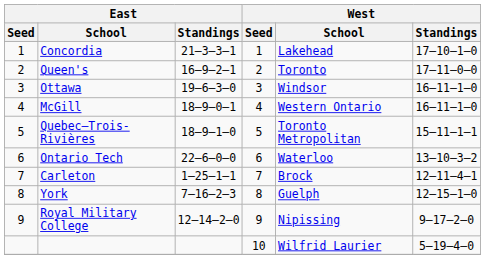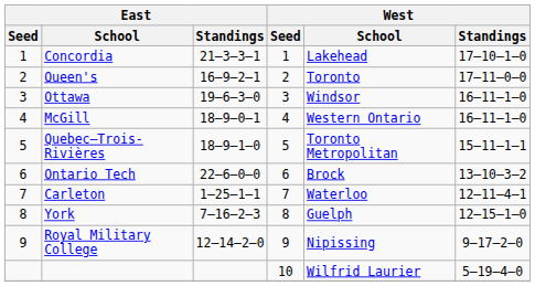 <table class="wikitable">
 <tr>
 <th colspan=3>East</th>
 <th colspan=3>West</th>
 </tr>
 <tr>
 <th>Seed</th>
 <th style="width:150px">School</th>
 <th>Standings</th>
 <th>Seed</th>
 <th style="width:150px">School</th>
 <th>Standings</th>
 </tr>
 <tr>
 <td align=center>1</td>
 <td><a href='#'>Concordia</a></td>
 <td align=center>21–3–3–1</td>
 <td align=center>1</td>
 <td><a href='#'>Lakehead</a></td>
 <td align=center>17–10–1–0</td>
 </tr>
 <tr>
 <td align=center>2</td>
 <td><a href='#'>Queen's</a></td>
 <td align=center>16–9–2–1</td>
 <td align=center>2</td>
 <td><a href='#'>Toronto</a></td>
 <td align=center>17–11–0–0</td>
 </tr>
 <tr>
 <td align=center>3</td>
 <td><a href='#'>Ottawa</a></td>
 <td align=center>19–6–3–0</td>
 <td align=center>3</td>
 <td><a href='#'>Windsor</a></td>
 <td align=center>16–11–1–0</td>
 </tr>
 <tr>
 <td align=center>4</td>
 <td><a href='#'>McGill</a></td>
 <td align=center>18–9–0–1</td>
 <td align=center>4</td>
 <td><a href='#'>Western Ontario</a></td>
 <td align=center>16–11–1–0</td>
 </tr>
 <tr>
 <td align=center>5</td>
 <td><a href='#'>Quebec–Trois-Rivières</a></td>
 <td align=center>18–9–1–0</td>
 <td align=center>5</td>
 <td><a href='#'>Toronto Metropolitan</a></td>
 <td align=center>15–11–1–1</td>
 </tr>
 <tr>
 <td align=center>6</td>
 <td><a href='#'>Ontario Tech</a></td>
 <td align=center>22–6–0–0</td>
 <td align=center>6</td>
-<td><a href='#'>Waterloo</a></td>
+<td><a href='#'>Brock</a></td>
 <td align=center>13–10–3–2</td>
 </tr>
 <tr>
 <td align=center>7</td>
 <td><a href='#'>Carleton</a></td>
 <td align=center>1–25–1–1</td>
 <td align=center>7</td>
-<td><a href='#'>Brock</a></td>
+<td><a href='#'>Waterloo</a></td>
 <td align=center>12–11–4–1</td>
 </tr>
 <tr>
 <td align=center>8</td>
 <td><a href='#'>York</a></td>
 <td align=center>7–16–2–3</td>
 <td align=center>8</td>
 <td><a href='#'>Guelph</a></td>
 <td align=center>12–15–1–0</td>
 </tr>
 <tr>
 <td align=center>9</td>
 <td><a href='#'>Royal Military College</a></td>
 <td align=center>12–14–2–0</td>
 <td align=center>9</td>
 <td><a href='#'>Nipissing</a></td>
 <td align=center>9–17–2–0</td>
 </tr>
 <tr>
 <td></td>
 <td></td>
 <td></td>
 <td align=center>10</td>
 <td><a href='#'>Wilfrid Laurier</a></td>
 <td align=center>5–19–4–0</td>
 </tr>
 <tr>
 </tr>
 </table>
